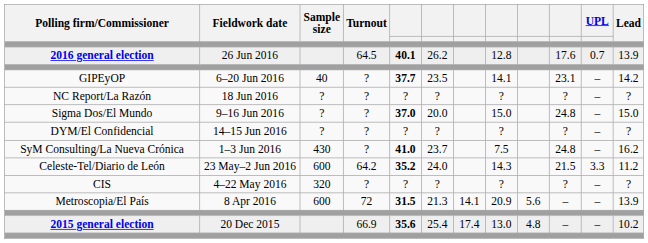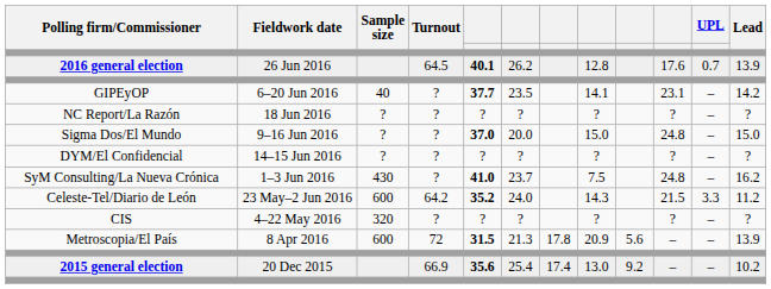 <table class="wikitable collapsible collapsed" style="text-align:center; font-size:95%; line-height:16px;">
 <tr style="height:42px; background-color:#E9E9E9">
 <th style="width:250px;" rowspan="2">Polling firm/Commissioner</th>
 <th style="width:125px;" rowspan="2">Fieldwork date</th>
 <th style="width:50px;" rowspan="2">Sample size</th>
 <th style="width:45px;" rowspan="2">Turnout</th>
 <th style="width:35px;"></th>
 <th style="width:35px;"></th>
 <th style="width:35px;"></th>
 <th style="width:35px;"></th>
 <th style="width:35px;"></th>
 <th style="width:35px;"></th>
 <th style="width:35px;"><a href='#'>UPL</a></th>
 <th style="width:30px;" rowspan="2">Lead</th>
 </tr>
 <tr>
 <th style="color:inherit;background:"></th>
 <th style="color:inherit;background:"></th>
 <th style="color:inherit;background:"></th>
 <th style="color:inherit;background:"></th>
 <th style="color:inherit;background:"></th>
 <th style="color:inherit;background:"></th>
 <th style="color:inherit;background:"></th>
 </tr>
 <tr>
 <td colspan="12" style="background:#A0A0A0"></td>
 </tr>
 <tr style="background:#EFEFEF;">
 <td><strong><a href='#'>2016 general election</a></strong></td>
 <td>26 Jun 2016</td>
 <td></td>
 <td>64.5</td>
 <td><strong>40.1</strong><br></td>
 <td>26.2<br></td>
 <td></td>
 <td>12.8<br></td>
 <td></td>
 <td>17.6<br></td>
 <td>0.7<br></td>
 <td style="background:">13.9</td>
 </tr>
 <tr>
 <td colspan="12" style="background:#A0A0A0"></td>
 </tr>
 <tr>
 <td>GIPEyOP</td>
 <td>6–20 Jun 2016</td>
 <td>40</td>
 <td>?</td>
 <td><strong>37.7</strong><br></td>
 <td>23.5<br></td>
 <td></td>
 <td>14.1<br></td>
 <td></td>
 <td>23.1<br></td>
 <td>–</td>
 <td style="background:">14.2</td>
 </tr>
 <tr>
 <td>NC Report/La Razón</td>
 <td>18 Jun 2016</td>
 <td>?</td>
 <td>?</td>
 <td>?<br></td>
 <td>?<br></td>
 <td></td>
 <td>?<br></td>
 <td></td>
 <td>?<br></td>
 <td>–</td>
 <td style="background:">?</td>
 </tr>
 <tr>
 <td>Sigma Dos/El Mundo</td>
 <td>9–16 Jun 2016</td>
 <td>?</td>
 <td>?</td>
 <td><strong>37.0</strong><br></td>
 <td>20.0<br></td>
 <td></td>
 <td>15.0<br></td>
 <td></td>
 <td>24.8<br></td>
 <td>–</td>
 <td style="background:">15.0</td>
 </tr>
 <tr>
 <td>DYM/El Confidencial</td>
 <td>14–15 Jun 2016</td>
 <td>?</td>
 <td>?</td>
 <td>?<br></td>
 <td>?<br></td>
 <td></td>
 <td>?<br></td>
 <td></td>
 <td>?<br></td>
 <td>–</td>
 <td style="background:">?</td>
 </tr>
 <tr>
 <td>SyM Consulting/La Nueva Crónica<br></td>
 <td>1–3 Jun 2016</td>
 <td>430</td>
 <td>?</td>
 <td><strong>41.0</strong><br></td>
 <td>23.7<br></td>
 <td></td>
 <td>7.5<br></td>
 <td></td>
 <td>24.8<br></td>
 <td>–</td>
 <td style="background:">16.2</td>
 </tr>
 <tr>
 <td>Celeste-Tel/Diario de León</td>
 <td>23 May–2 Jun 2016</td>
 <td>600</td>
 <td>64.2</td>
 <td><strong>35.2</strong><br></td>
 <td>24.0<br></td>
 <td></td>
 <td>14.3<br></td>
 <td></td>
 <td>21.5<br></td>
 <td>3.3<br></td>
 <td style="background:">11.2</td>
 </tr>
 <tr>
 <td>CIS</td>
 <td>4–22 May 2016</td>
 <td>320</td>
 <td>?</td>
 <td>?<br></td>
 <td>?<br></td>
 <td></td>
 <td>?<br></td>
 <td></td>
 <td>?<br></td>
 <td>–</td>
 <td style="background:">?</td>
 </tr>
 <tr>
 <td>Metroscopia/El País</td>
 <td>8 Apr 2016</td>
 <td>600</td>
 <td>72</td>
 <td><strong>31.5</strong><br></td>
 <td>21.3<br></td>
-<td>14.1<br></td>
+<td>17.8<br></td>
 <td>20.9<br></td>
 <td>5.6<br></td>
 <td>–</td>
 <td>–</td>
 <td style="background:">13.9</td>
 </tr>
 <tr>
 <td colspan="12" style="background:#A0A0A0"></td>
 </tr>
 <tr style="background:#EFEFEF;">
 <td><strong><a href='#'>2015 general election</a></strong></td>
 <td>20 Dec 2015</td>
 <td></td>
 <td>66.9</td>
 <td><strong>35.6</strong><br></td>
 <td>25.4<br></td>
 <td>17.4<br></td>
 <td>13.0<br></td>
-<td>4.8<br></td>
+<td>9.2<br></td>
 <td>–</td>
 <td>–</td>
 <td style="background:">10.2</td>
 </tr>
 <tr>
 <td colspan="12" style="background:#A0A0A0"></td>
 </tr>
 </table>
